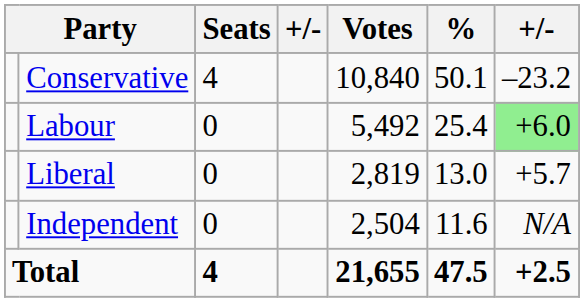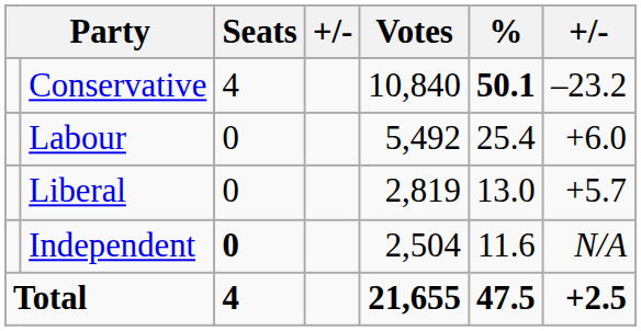 <table class="wikitable sortable">
 <tr>
 <th colspan="2">Party</th>
 <th>Seats</th>
 <th>+/-</th>
 <th>Votes</th>
 <th>%</th>
 <th>+/-</th>
 </tr>
 <tr>
 <td style="background-color: "></td>
 <td><a href='#'>Conservative</a></td>
 <td>4</td>
 <td></td>
 <td style="text-align:right;">10,840</td>
-<td style="text-align:right;">50.1</td>
+<td style="text-align:right;"><strong>50.1</strong></td>
 <td style="text-align:right;">–23.2</td>
 </tr>
 <tr>
 <td style="background-color: "></td>
 <td><a href='#'>Labour</a></td>
 <td>0</td>
 <td></td>
 <td style="text-align:right;">5,492</td>
 <td style="text-align:right;">25.4</td>
-<td style="background: lightgreen; text-align:right;">+6.0</td>
+<td style="text-align:right;">+6.0</td>
 </tr>
 <tr>
 <td style="background-color: "></td>
 <td><a href='#'>Liberal</a></td>
 <td>0</td>
 <td></td>
 <td style="text-align:right;">2,819</td>
 <td style="text-align:right;">13.0</td>
 <td style="text-align:right;">+5.7</td>
 </tr>
 <tr>
 <td style="background-color: "></td>
 <td><a href='#'>Independent</a></td>
-<td>0</td>
+<td><strong>0</strong></td>
 <td></td>
 <td style="text-align:right;">2,504</td>
 <td style="text-align:right;">11.6</td>
 <td style="text-align:right;"><em>N/A</em></td>
 </tr>
 <tr>
 <td colspan="2"><strong>Total</strong></td>
 <td><strong>4</strong></td>
 <td></td>
 <td style="text-align:right;"><strong>21,655</strong></td>
 <td style="text-align:right;"><strong>47.5</strong></td>
 <td style="text-align:right;"><strong>+2.5</strong></td>
 </tr>
 </table>
